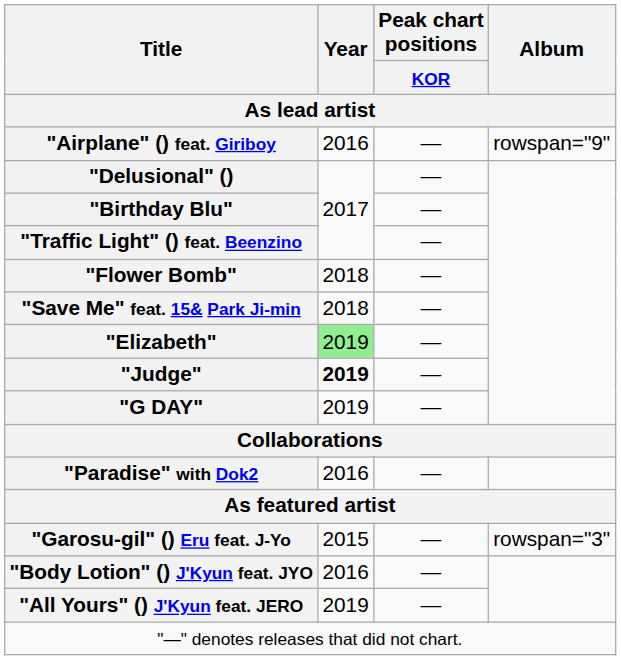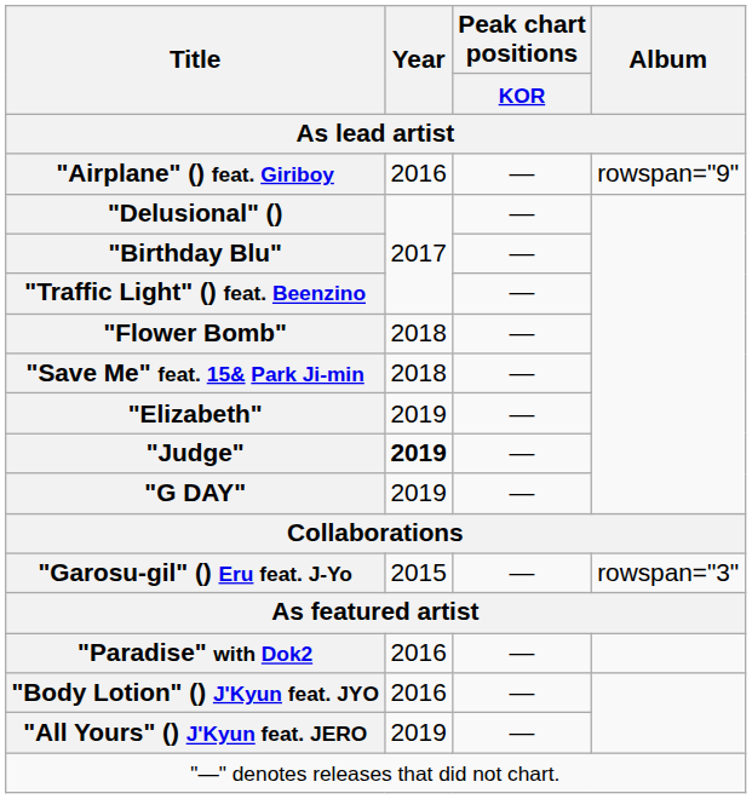 <table class="wikitable plainrowheaders" style="text-align:center;">
 <tr>
 <th scope="col" rowspan="2">Title</th>
 <th scope="col" rowspan="2">Year</th>
 <th scope="col" colspan="1">Peak chart <br> positions</th>
 <th scope="col" rowspan="2">Album</th>
 </tr>
 <tr>
 <th><small><a href='#'>KOR</a></small><br></th>
 </tr>
 <tr>
 <th scope="col" colspan="4">As lead artist</th>
 </tr>
 <tr>
 <th scope="row">"Airplane" () <small>feat. <a href='#'>Giriboy</a></small></th>
 <td>2016</td>
 <td>—</td>
 <td>rowspan="9" </td>
 </tr>
 <tr>
 <th scope="row">"Delusional" ()</th>
 <td rowspan="3">2017</td>
 <td>—</td>
 </tr>
 <tr>
 <th scope="row">"Birthday Blu"</th>
 <td>—</td>
 </tr>
 <tr>
 <th scope="row">"Traffic Light" () <small>feat. <a href='#'>Beenzino</a></small></th>
 <td>—</td>
 </tr>
 <tr>
 <th scope="row">"Flower Bomb"</th>
 <td>2018</td>
 <td>—</td>
 </tr>
 <tr>
 <th scope="row">"Save Me" <small>feat. <a href='#'>15&</a> <a href='#'>Park Ji-min</a></small></th>
 <td>2018</td>
 <td>—</td>
 </tr>
 <tr>
 <th scope="row">"Elizabeth"</th>
-<td style="background: lightgreen;">2019</td>
+<td>2019</td>
 <td>—</td>
 </tr>
 <tr>
 <th scope="row">"Judge"</th>
 <td><strong>2019</strong></td>
 <td>—</td>
 </tr>
 <tr>
 <th scope="row">"G DAY"</th>
 <td>2019</td>
 <td>—</td>
 </tr>
 <tr>
 <th scope="col" colspan="4">Collaborations</th>
 </tr>
 <tr>
-<th scope="row">"Paradise" <small>with <a href='#'>Dok2</a></small></th>
-<td>2016</td>
+<th scope="row">"Garosu-gil" () <small><a href='#'>Eru</a> feat. J-Yo</small></th>
+<td>2015</td>
 <td>—</td>
-<td></td>
+<td>rowspan="3" </td>
 </tr>
 <tr>
 <th scope="col" colspan="4">As featured artist</th>
 </tr>
 <tr>
-<th scope="row">"Garosu-gil" () <small><a href='#'>Eru</a> feat. J-Yo</small></th>
-<td>2015</td>
+<th scope="row">"Paradise" <small>with <a href='#'>Dok2</a></small></th>
+<td>2016</td>
 <td>—</td>
-<td>rowspan="3" </td>
+<td></td>
 </tr>
 <tr>
 <th scope="row">"Body Lotion" () <small><a href='#'>J'Kyun</a> feat. JYO</small></th>
 <td>2016</td>
 <td>—</td>
 </tr>
 <tr>
 <th scope="row">"All Yours" () <small><a href='#'>J'Kyun</a> feat. JERO</small></th>
 <td>2019</td>
 <td>—</td>
 </tr>
 <tr>
 <td colspan="4" align="center"><small>"—" denotes releases that did not chart.</small></td>
 </tr>
 </table>
